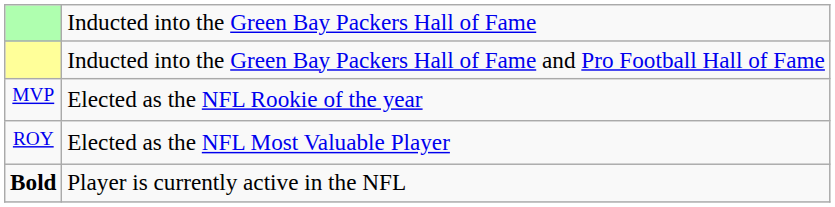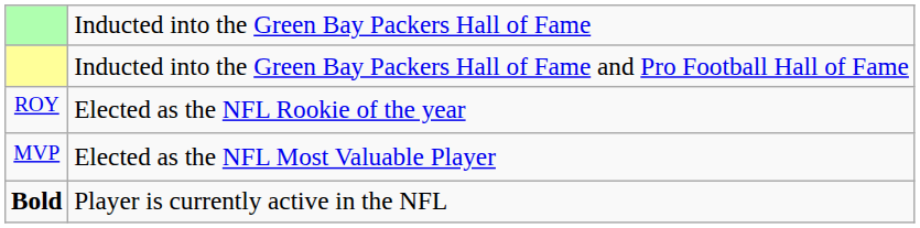 <table class="wikitable plainrowheaders" border="1">
 <tr>
 <td bgcolor="#AFFFAF" align="center"><sup></sup></td>
 <td>Inducted into the <a href='#'>Green Bay Packers Hall of Fame</a></td>
 </tr>
 <tr>
 <td bgcolor="#FFFF99" align="center"></td>
 <td>Inducted into the <a href='#'>Green Bay Packers Hall of Fame</a> and <a href='#'>Pro Football Hall of Fame</a></td>
 </tr>
 <tr>
-<td align="center"><sup><a href='#'>MVP</a></sup></td>
+<td align="center"><sup><a href='#'>ROY</a></sup></td>
 <td>Elected as the <a href='#'>NFL Rookie of the year</a></td>
 </tr>
 <tr>
-<td align="center"><sup><a href='#'>ROY</a></sup></td>
+<td align="center"><sup><a href='#'>MVP</a></sup></td>
 <td>Elected as the <a href='#'>NFL Most Valuable Player</a></td>
 </tr>
 <tr>
 <td><strong>Bold</strong></td>
 <td>Player is currently active in the NFL</td>
 </tr>
 </table>
